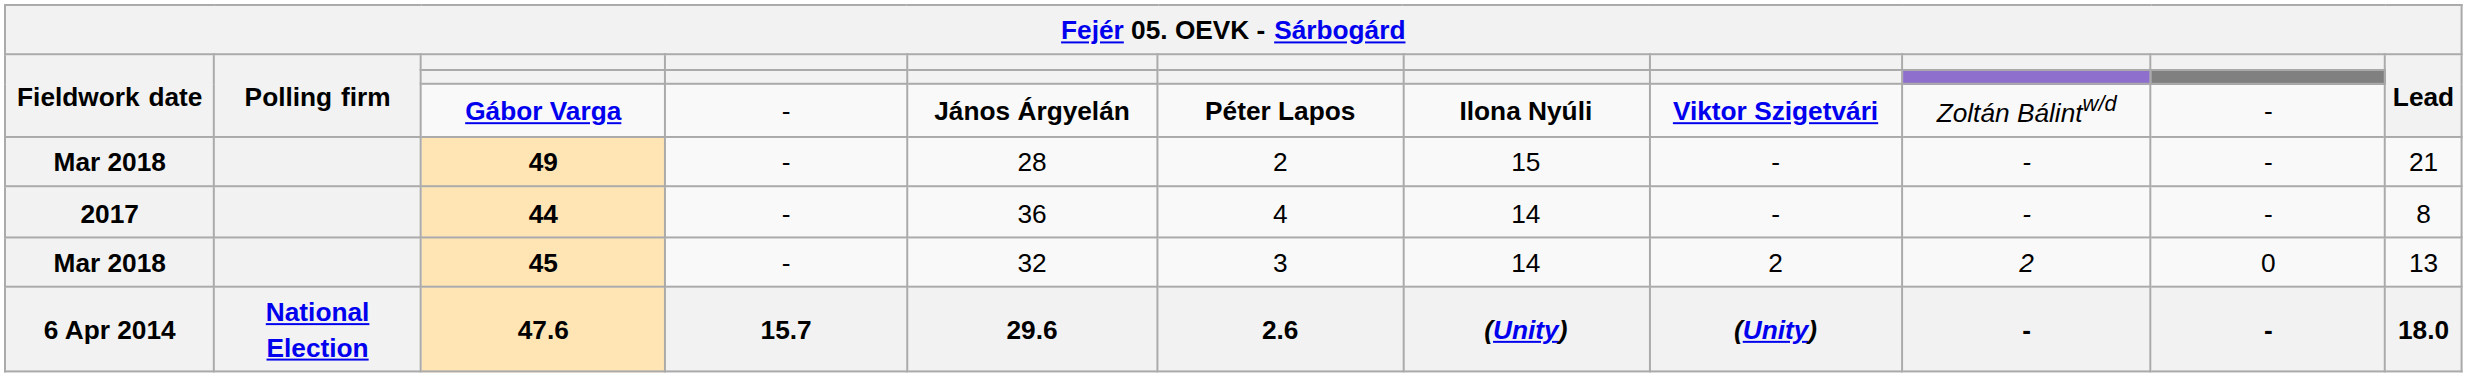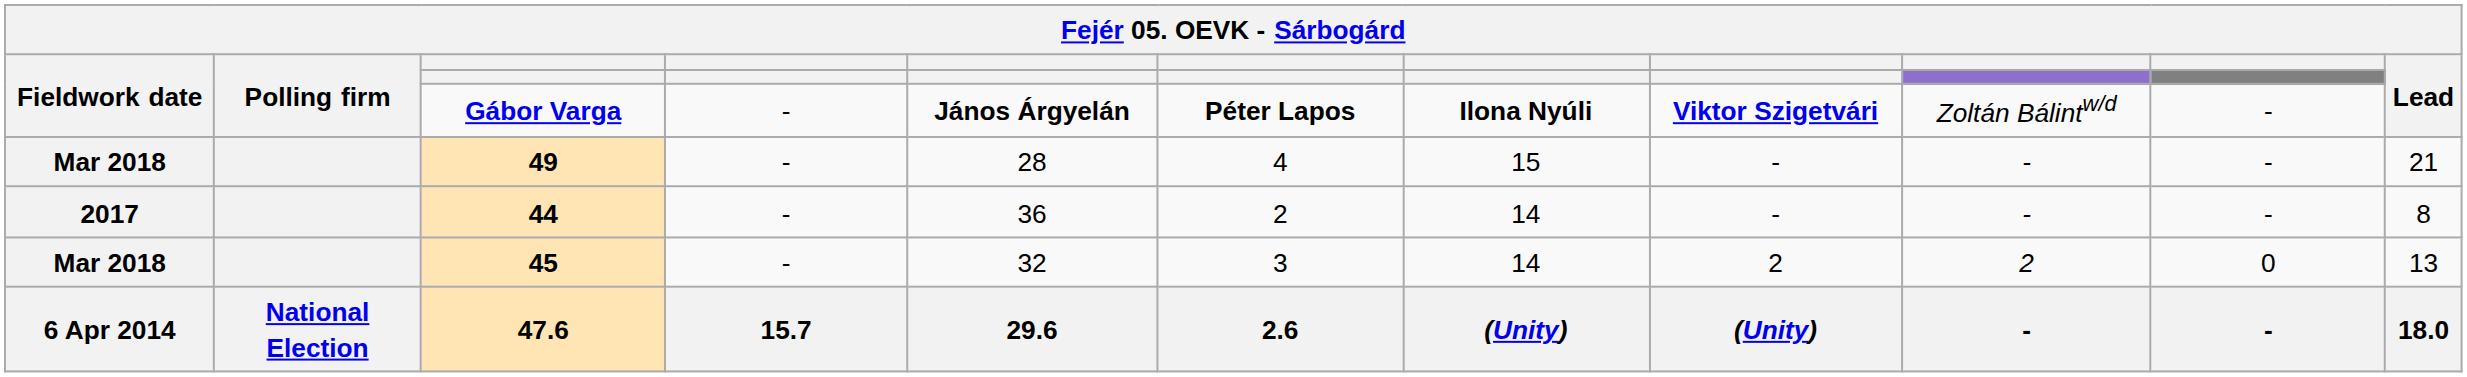 <table class="wikitable mw-collapsible mw-collapsed" style="text-align:center">
 <tr>
 <th colspan="11" style="width: 980pt;"><small><a href='#'>Fejér</a> 05. OEVK -</small> <a href='#'><small>Sárbogárd</small></a></th>
 </tr>
 <tr>
 <th rowspan="3" style="width: 80pt;"><small>Fieldwork</small> <small>date</small></th>
 <th rowspan="3" style="width: 80pt;"><strong><small>Polling</small> <small>firm</small></strong></th>
 <th style="width: 100pt;"><small></small></th>
 <th style="width: 100pt;"><small> </small></th>
 <th style="width: 100pt;"></th>
 <th style="width: 100pt;"></th>
 <th style="width: 100pt;"></th>
 <th style="width: 100pt;"></th>
 <th style="width: 100pt;"></th>
 <th style="width: 100pt;"></th>
 <th rowspan="3" style="width: 20pt;"><small>Lead</small></th>
 </tr>
 <tr>
 <th style="color:inherit;background:"></th>
 <th style="color:inherit;background:"></th>
 <th style="color:inherit;background:"></th>
 <th style="color:inherit;background:"></th>
 <th style="color:inherit;background:"></th>
 <th style="color:inherit;background:"></th>
 <th style="color:inherit;background:#8E6FCE;"></th>
 <th style="color:inherit;background:#808080;"></th>
 </tr>
 <tr>
 <td><a href='#'><small><strong>Gábor Varga</strong></small></a></td>
 <td><small>-</small></td>
 <td><small><strong>János Árgyelán</strong></small></td>
 <td><small><strong>Péter Lapos</strong></small></td>
 <td><small><strong>Ilona Nyúli</strong></small></td>
 <td><a href='#'><small><strong>Viktor Szigetvári</strong></small></a></td>
 <td><small><em>Zoltán Bálint<sup>w/d</sup></em></small></td>
 <td><small>-</small></td>
 </tr>
 <tr>
 <th><small>Mar 2018</small></th>
 <th><small></small></th>
 <td style="background:#FFE5B4"><small><strong>49</strong></small></td>
 <td><small>-</small></td>
 <td><small>28</small></td>
-<td><small>2</small></td>
+<td><small>4</small></td>
 <td><small>15</small></td>
 <td><small>-</small></td>
 <td><small><em>-</em></small></td>
 <td><small>-</small></td>
 <td style="background:"><small>21</small></td>
 </tr>
 <tr>
 <th><small>2017</small></th>
 <th></th>
 <td style="background:#FFE5B4"><small><strong>44</strong></small></td>
 <td><small>-</small></td>
 <td><small>36</small></td>
-<td><small>4</small></td>
+<td><small>2</small></td>
 <td><small>14</small></td>
 <td><small>-</small></td>
 <td><small><em>-</em></small></td>
 <td><small>-</small></td>
 <td style="background:"><small>8</small></td>
 </tr>
 <tr>
 <th><small>Mar 2018</small></th>
 <th><small></small></th>
 <td style="background:#FFE5B4"><small><strong>45</strong></small></td>
 <td><small>-</small></td>
 <td><small>32</small></td>
 <td><small>3</small></td>
 <td><small>14</small></td>
 <td><small>2</small></td>
 <td><small><em>2</em></small></td>
 <td><small>0</small></td>
 <td style="background:"><small>13</small></td>
 </tr>
 <tr>
 <th><small>6 Apr 2014</small></th>
 <th><a href='#'><small>National Election</small></a></th>
 <th style="background:#FFE5B4"><small><strong>47.6</strong></small></th>
 <th><small>15.7</small></th>
 <th><small>29.6</small></th>
 <th><small>2.6</small></th>
 <th><small><em>(<a href='#'>Unity</a>)</em></small></th>
 <th><small><em>(<a href='#'>Unity</a>)</em></small></th>
 <th><small>-</small></th>
 <th><small>-</small></th>
 <th style="background:"><small>18.0</small></th>
 </tr>
 </table>
